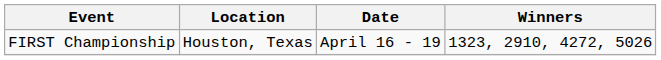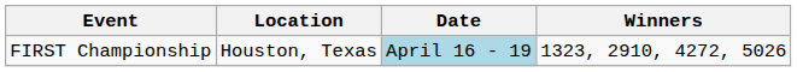 <table class="wikitable">
 <tr>
 <th>Event</th>
 <th>Location</th>
 <th>Date</th>
 <th>Winners</th>
 </tr>
 <tr>
 <td>FIRST Championship</td>
 <td>Houston, Texas</td>
-<td>April 16 - 19</td>
+<td style="background: lightblue;">April 16 - 19</td>
 <td>1323, 2910, 4272, 5026</td>
 </tr>
 <tr>
 </tr>
 </table>
